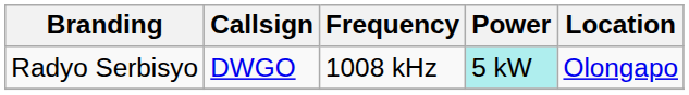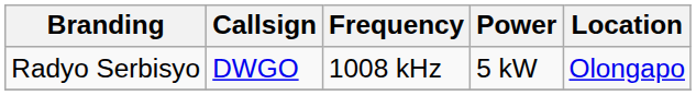 <table class="wikitable">
 <tr>
 <th>Branding</th>
 <th>Callsign</th>
 <th>Frequency</th>
 <th>Power</th>
 <th>Location</th>
 </tr>
 <tr>
 <td>Radyo Serbisyo</td>
 <td><a href='#'>DWGO</a></td>
 <td>1008 kHz</td>
-<td style="background: paleturquoise;">5 kW</td>
+<td>5 kW</td>
 <td><a href='#'>Olongapo</a></td>
 </tr>
 <tr>
 </tr>
 </table>
